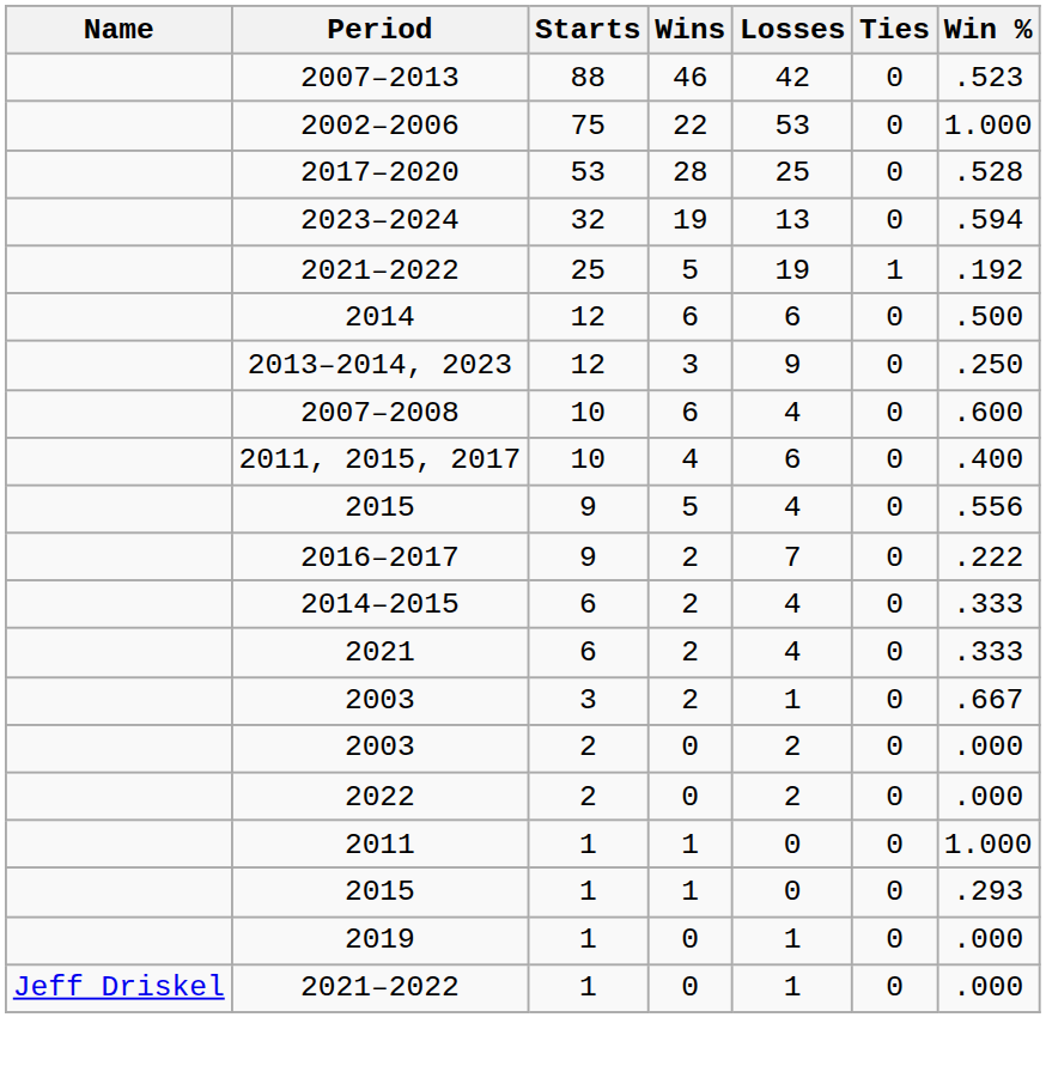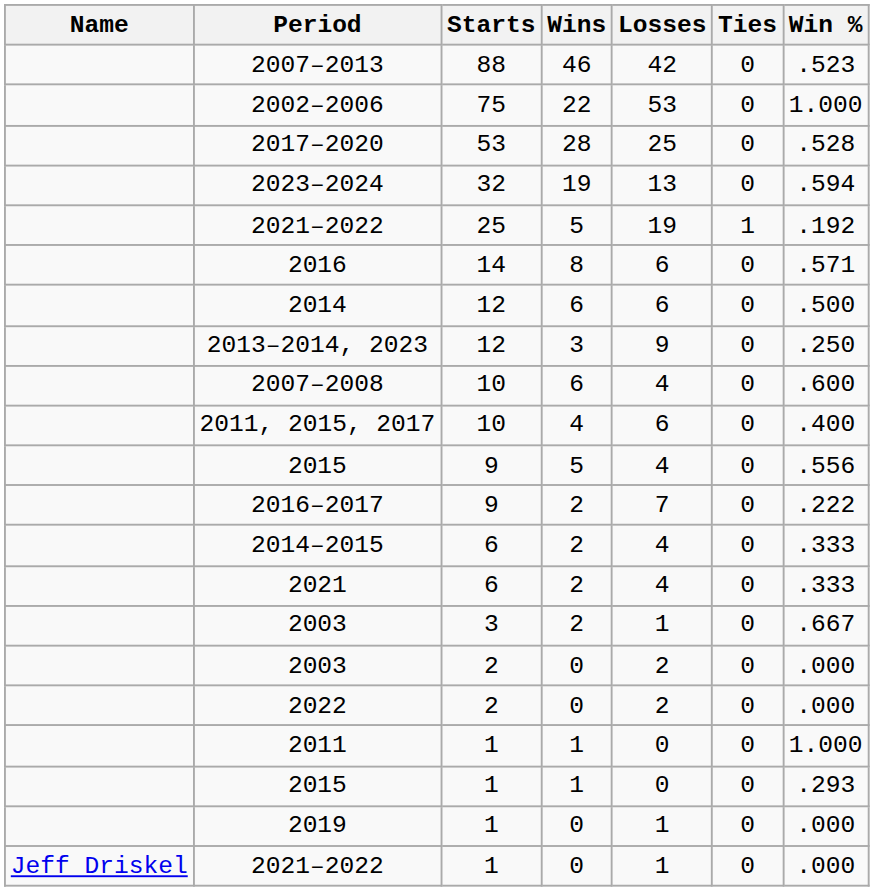 <table class="wikitable sortable" style="text-align:center">
 <tr>
 <th>Name</th>
 <th>Period</th>
 <th>Starts</th>
 <th>Wins</th>
 <th>Losses</th>
 <th>Ties</th>
 <th>Win %</th>
 </tr>
 <tr>
 <td align=left></td>
 <td>2007–2013</td>
 <td>88</td>
 <td>46</td>
 <td>42</td>
 <td>0</td>
 <td>.523</td>
 </tr>
 <tr>
 <td align=left></td>
 <td>2002–2006</td>
 <td>75</td>
 <td>22</td>
 <td>53</td>
 <td>0</td>
 <td>1.000</td>
 </tr>
 <tr>
 <td align=left></td>
 <td>2017–2020</td>
 <td>53</td>
 <td>28</td>
 <td>25</td>
 <td>0</td>
 <td>.528</td>
 </tr>
 <tr>
 <td align="left"></td>
 <td>2023–2024</td>
 <td>32</td>
 <td>19</td>
 <td>13</td>
 <td>0</td>
 <td>.594</td>
 </tr>
 <tr>
 <td align="left"></td>
 <td>2021–2022</td>
 <td>25</td>
 <td>5</td>
 <td>19</td>
 <td>1</td>
 <td>.192</td>
+</tr>
+<tr>
+<td align=left></td>
+<td>2016</td>
+<td>14</td>
+<td>8</td>
+<td>6</td>
+<td>0</td>
+<td>.571</td>
 </tr>
 <tr>
 <td align=left></td>
 <td>2014</td>
 <td>12</td>
 <td>6</td>
 <td>6</td>
 <td>0</td>
 <td>.500</td>
 </tr>
 <tr>
 <td align=left></td>
 <td>2013–2014, 2023</td>
 <td>12</td>
 <td>3</td>
 <td>9</td>
 <td>0</td>
 <td>.250</td>
 </tr>
 <tr>
 <td align=left></td>
 <td>2007–2008</td>
 <td>10</td>
 <td>6</td>
 <td>4</td>
 <td>0</td>
 <td>.600</td>
 </tr>
 <tr>
 <td align=left></td>
 <td>2011, 2015, 2017</td>
 <td>10</td>
 <td>4</td>
 <td>6</td>
 <td>0</td>
 <td>.400</td>
 </tr>
 <tr>
 <td align=left></td>
 <td>2015</td>
 <td>9</td>
 <td>5</td>
 <td>4</td>
 <td>0</td>
 <td>.556</td>
 </tr>
 <tr>
 <td align=left></td>
 <td>2016–2017</td>
 <td>9</td>
 <td>2</td>
 <td>7</td>
 <td>0</td>
 <td>.222</td>
 </tr>
 <tr>
 <td align=left></td>
 <td>2014–2015</td>
 <td>6</td>
 <td>2</td>
 <td>4</td>
 <td>0</td>
 <td>.333</td>
 </tr>
 <tr>
 <td align=left></td>
 <td>2021</td>
 <td>6</td>
 <td>2</td>
 <td>4</td>
 <td>0</td>
 <td>.333</td>
 </tr>
 <tr>
 <td align=left></td>
 <td>2003</td>
 <td>3</td>
 <td>2</td>
 <td>1</td>
 <td>0</td>
 <td>.667</td>
 </tr>
 <tr>
 <td align=left></td>
 <td>2003</td>
 <td>2</td>
 <td>0</td>
 <td>2</td>
 <td>0</td>
 <td>.000</td>
 </tr>
 <tr>
 <td align=left></td>
 <td>2022</td>
 <td>2</td>
 <td>0</td>
 <td>2</td>
 <td>0</td>
 <td>.000</td>
 </tr>
 <tr>
 <td align=left></td>
 <td>2011</td>
 <td>1</td>
 <td>1</td>
 <td>0</td>
 <td>0</td>
 <td>1.000</td>
 </tr>
 <tr>
 <td align=left></td>
 <td>2015</td>
 <td>1</td>
 <td>1</td>
 <td>0</td>
 <td>0</td>
 <td>.293</td>
 </tr>
 <tr>
 <td align=left></td>
 <td>2019</td>
 <td>1</td>
 <td>0</td>
 <td>1</td>
 <td>0</td>
 <td>.000</td>
 </tr>
 <tr>
 <td align=left><a href='#'>Jeff Driskel</a></td>
 <td>2021–2022</td>
 <td>1</td>
 <td>0</td>
 <td>1</td>
 <td>0</td>
 <td>.000</td>
 </tr>
 </table>
